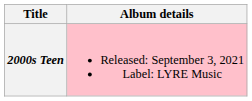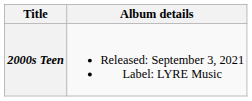 <table class="wikitable plainrowheaders" style="text-align:center;">
 <tr>
 <th scope="col">Title</th>
 <th scope="col">Album details</th>
 </tr>
 <tr>
 <th scope="row"><em>2000s Teen</em></th>
-<td style="background: pink;"><br><ul><li>Released: September 3, 2021</li><li>Label: LYRE Music</li></ul></td>
+<td><br><ul><li>Released: September 3, 2021</li><li>Label: LYRE Music</li></ul></td>
 </tr>
 </table>
